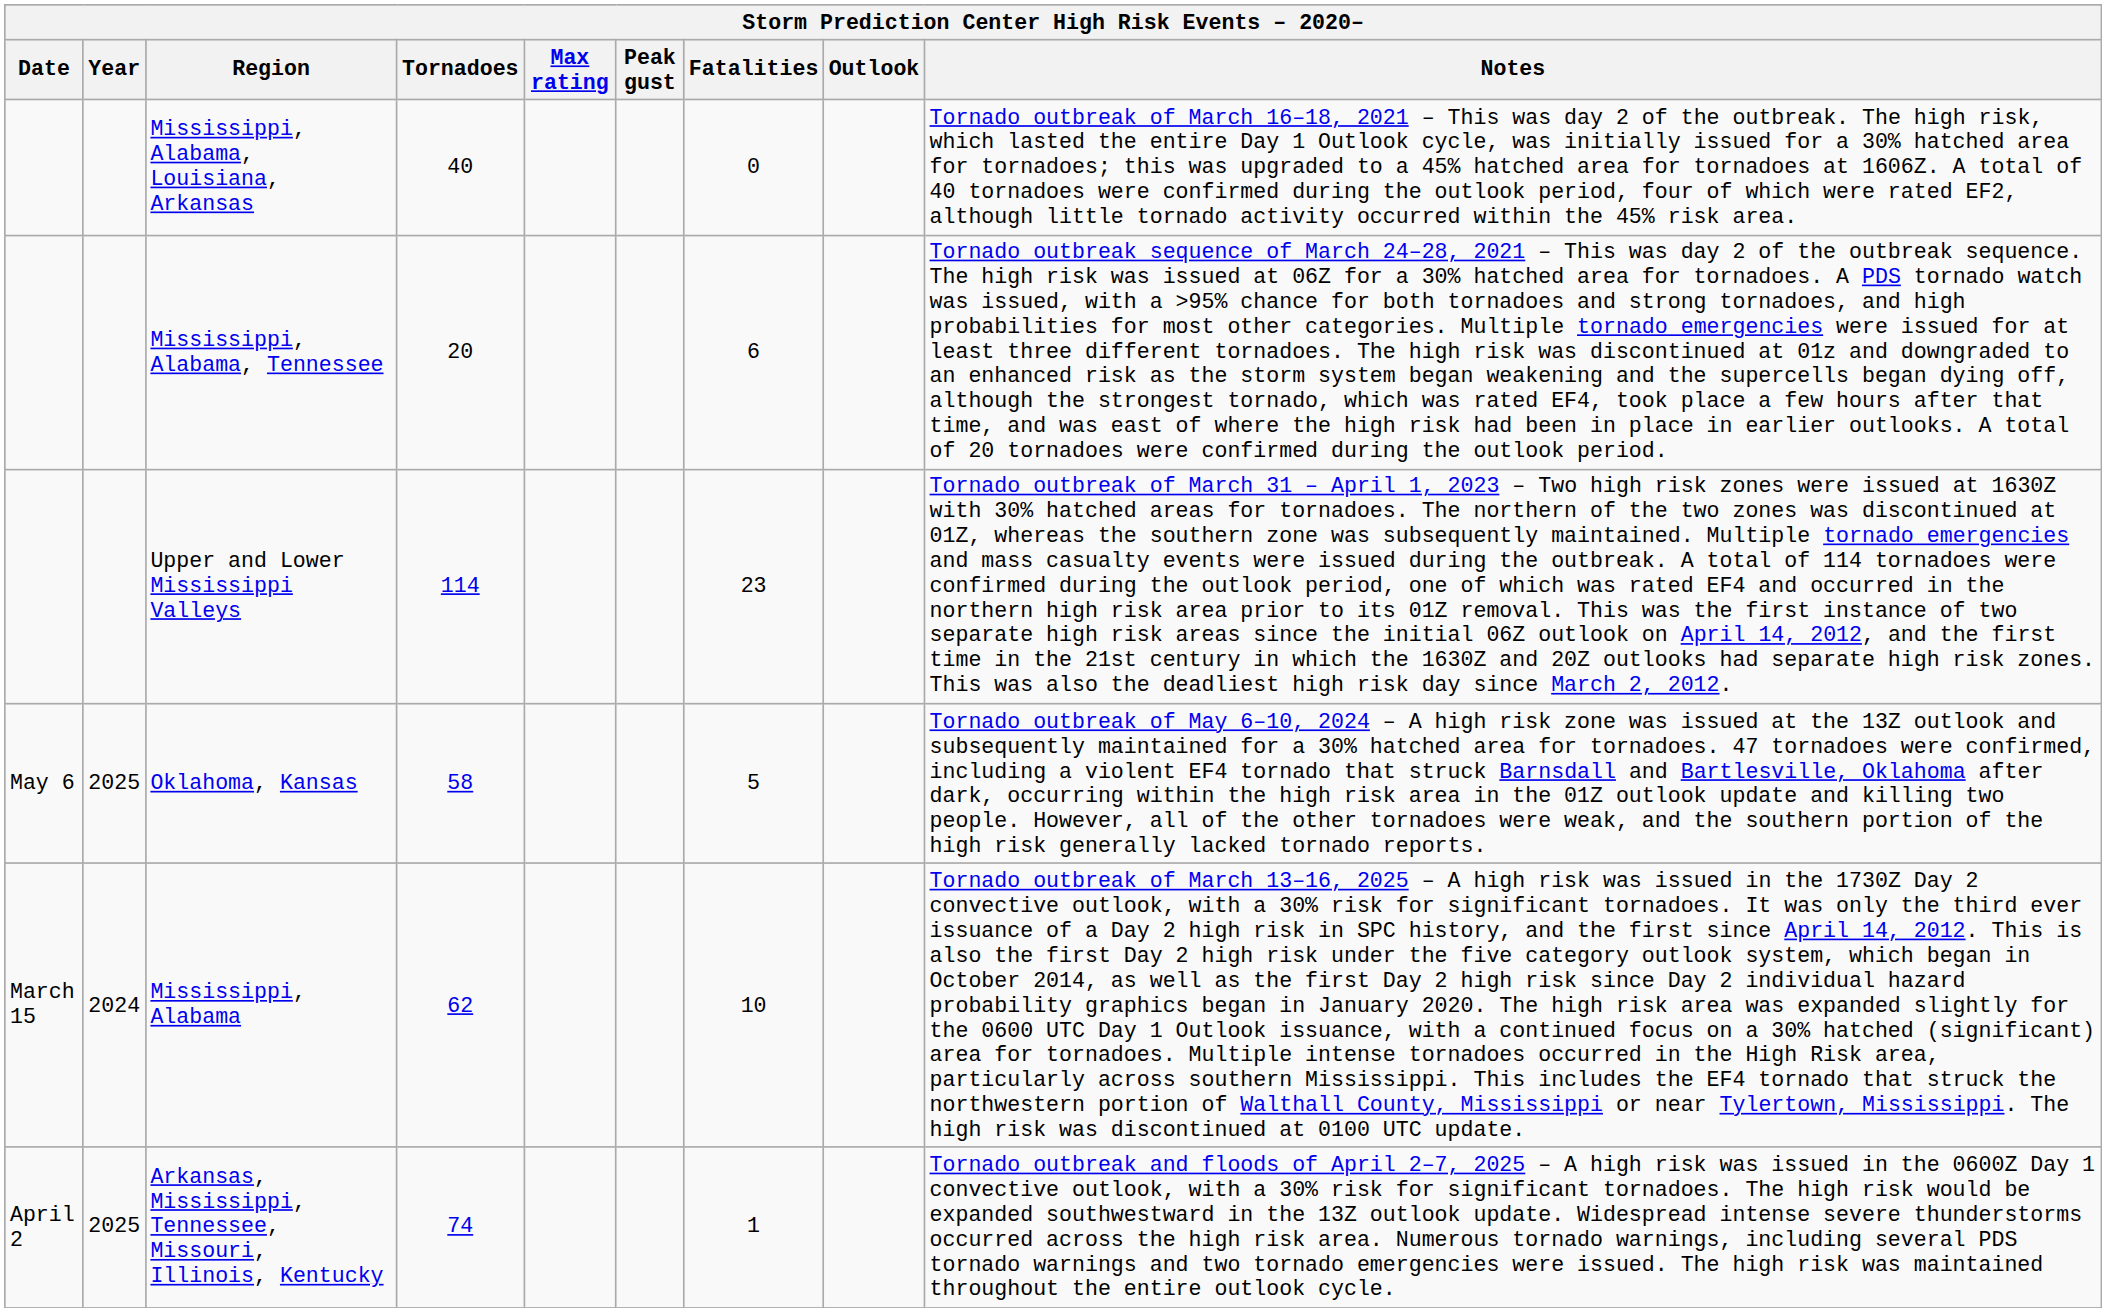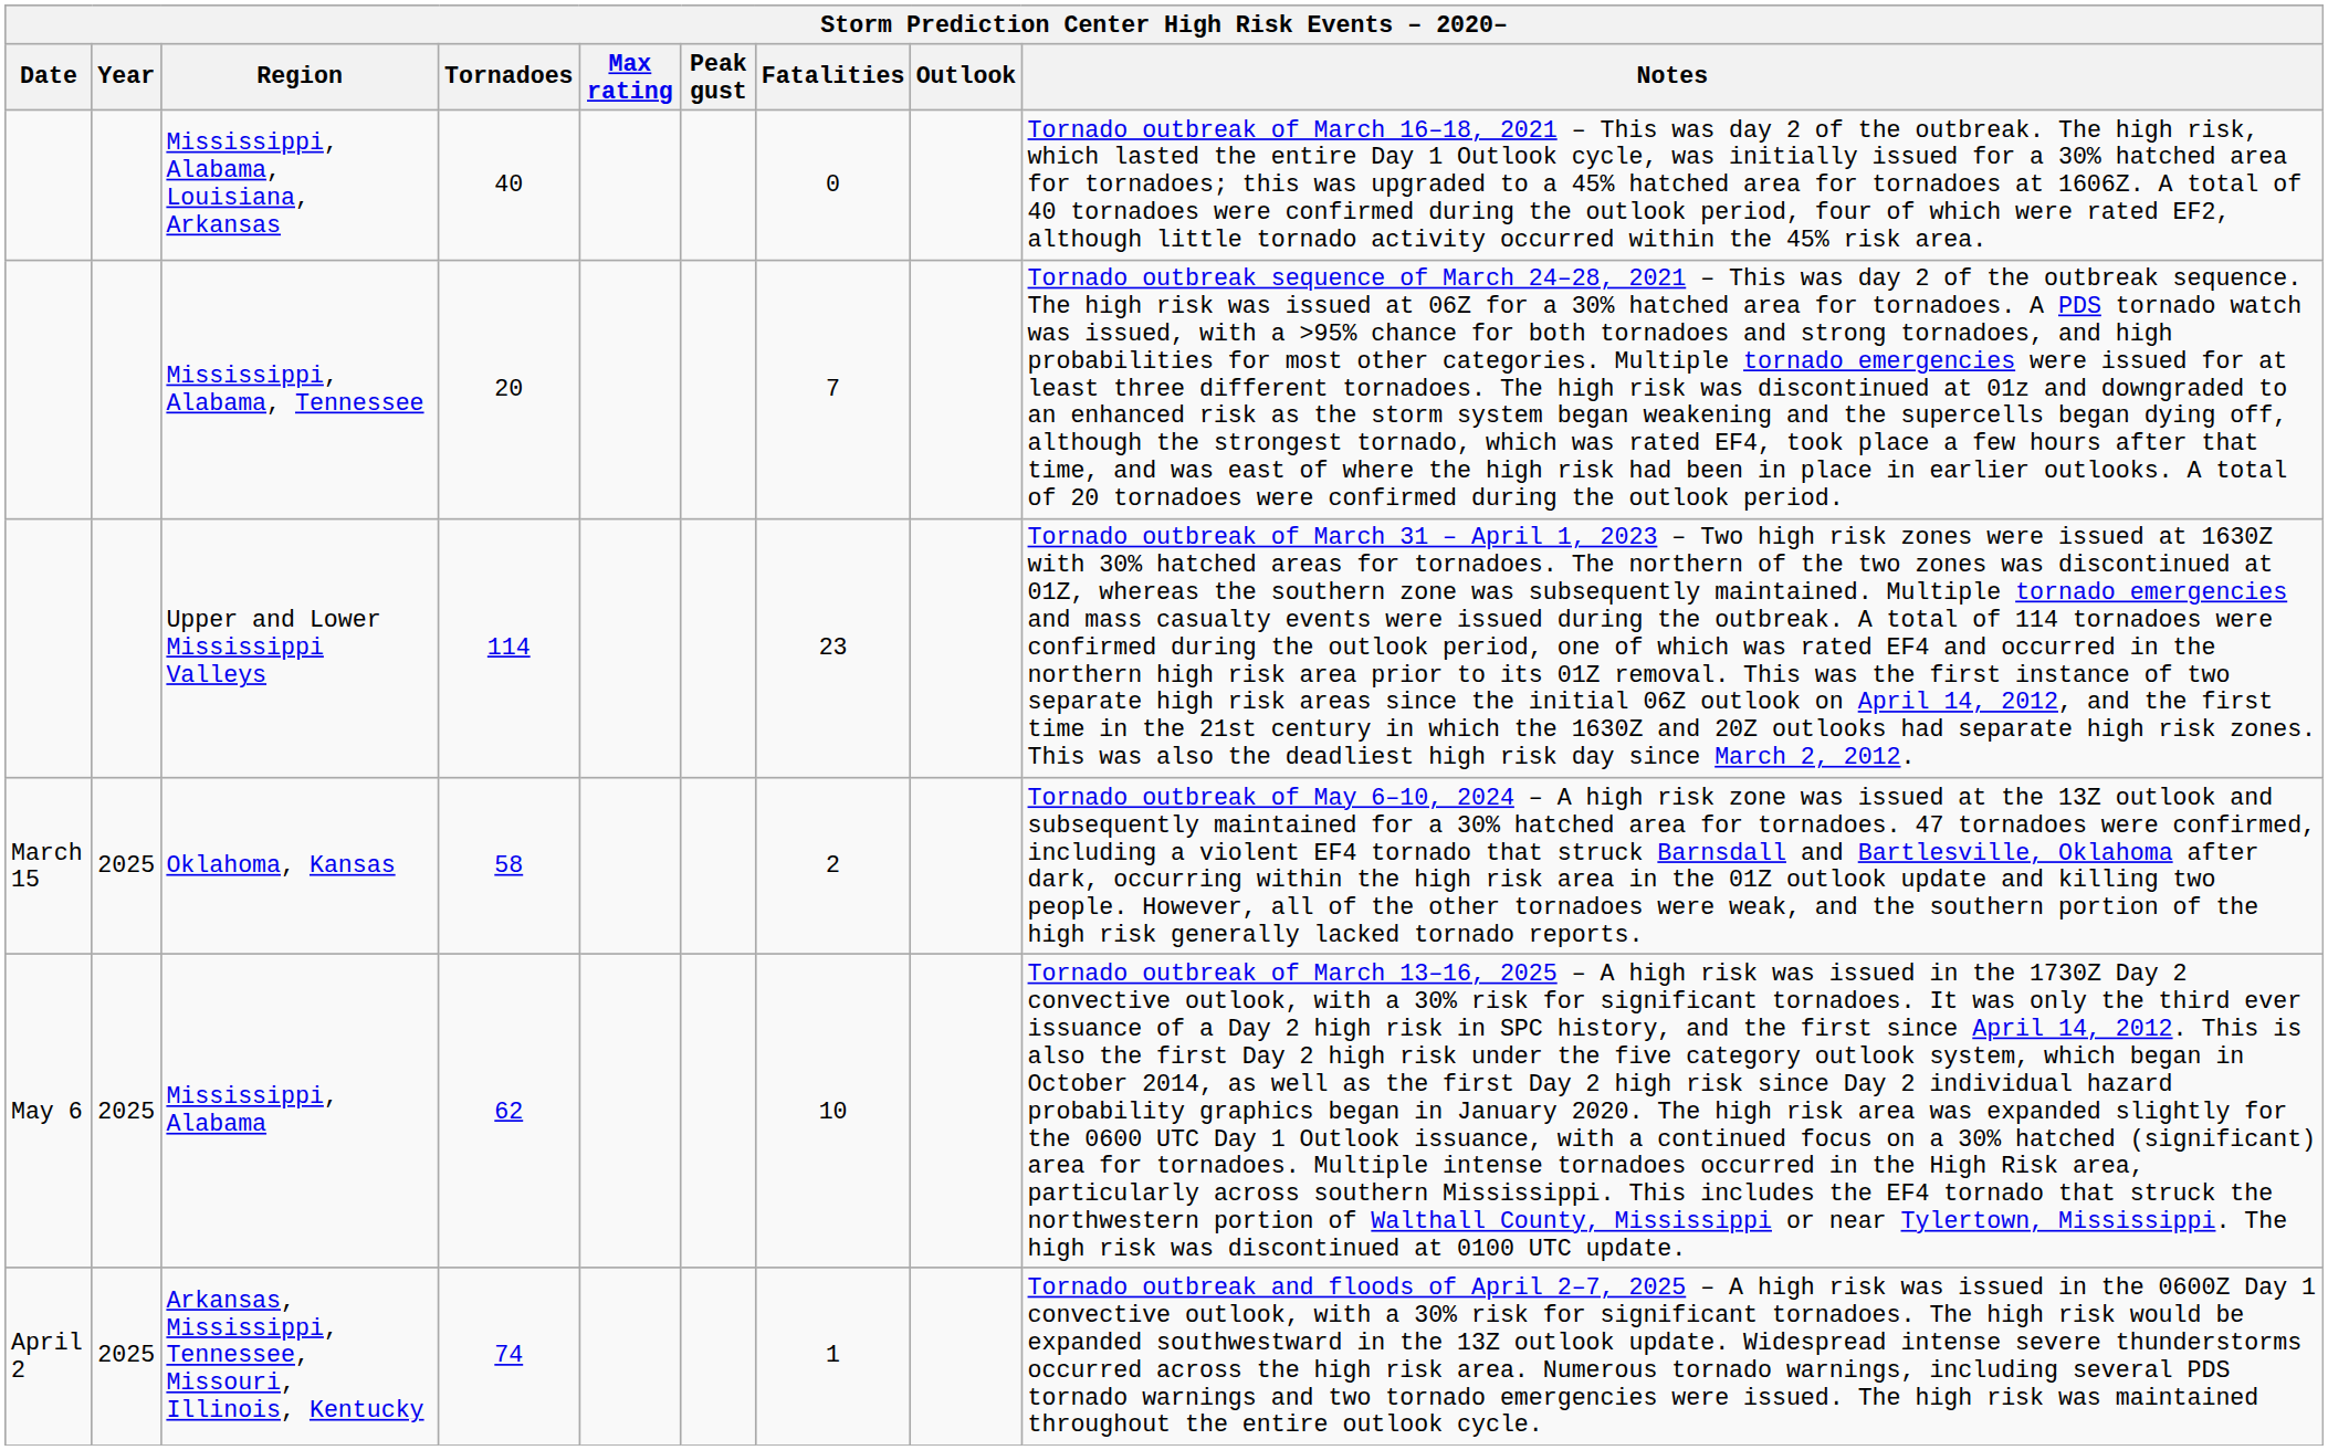 <table class="wikitable collapsible sortable" style="width:100%;">
 <tr>
 <th colspan="9">Storm Prediction Center High Risk Events – 2020–</th>
 </tr>
 <tr>
 <th scope="col">Date</th>
 <th scope="col">Year</th>
 <th scope="col" class="unsortable" style="width:12%;">Region</th>
 <th scope="col">Tornadoes</th>
 <th scope="col"><a href='#'>Max rating</a></th>
 <th scope="col">Peak gust</th>
 <th scope="col">Fatalities</th>
 <th scope="col" class="unsortable">Outlook</th>
 <th scope="col" class="unsortable">Notes</th>
 </tr>
 <tr>
 <td></td>
 <td></td>
 <td><a href='#'>Mississippi</a>, <a href='#'>Alabama</a>, <a href='#'>Louisiana</a>, <a href='#'>Arkansas</a></td>
 <td style="text-align:center;">40</td>
 <td></td>
 <td style="text-align:center;"></td>
 <td style="text-align:center;">0</td>
 <td></td>
 <td><a href='#'>Tornado outbreak of March 16–18, 2021</a> – This was day 2 of the outbreak. The high risk, which lasted the entire Day 1 Outlook cycle, was initially issued for a 30% hatched area for tornadoes; this was upgraded to a 45% hatched area for tornadoes at 1606Z. A total of 40 tornadoes were confirmed during the outlook period, four of which were rated EF2, although little tornado activity occurred within the 45% risk area.</td>
 </tr>
 <tr>
 <td></td>
 <td></td>
 <td><a href='#'>Mississippi</a>, <a href='#'>Alabama</a>, <a href='#'>Tennessee</a></td>
 <td style="text-align:center;">20</td>
 <td></td>
 <td style="text-align:center;"></td>
-<td style="text-align:center;">6</td>
+<td style="text-align:center;">7</td>
 <td></td>
 <td><a href='#'>Tornado outbreak sequence of March 24–28, 2021</a> – This was day 2 of the outbreak sequence. The high risk was issued at 06Z for a 30% hatched area for tornadoes. A <a href='#'>PDS</a> tornado watch was issued, with a >95% chance for both tornadoes and strong tornadoes, and high probabilities for most other categories. Multiple <a href='#'>tornado emergencies</a> were issued for at least three different tornadoes. The high risk was discontinued at 01z and downgraded to an enhanced risk as the storm system began weakening and the supercells began dying off, although the strongest tornado, which was rated EF4, took place a few hours after that time, and was east of where the high risk had been in place in earlier outlooks. A total of 20 tornadoes were confirmed during the outlook period.</td>
 </tr>
 <tr>
 <td></td>
 <td></td>
 <td>Upper and Lower <a href='#'>Mississippi Valleys</a></td>
 <td style="text-align:center;"><a href='#'>114</a></td>
 <td></td>
 <td style="text-align:center;"></td>
 <td style="text-align:center;">23</td>
 <td></td>
 <td><a href='#'>Tornado outbreak of March 31 – April 1, 2023</a> – Two high risk zones were issued at 1630Z with 30% hatched areas for tornadoes. The northern of the two zones was discontinued at 01Z, whereas the southern zone was subsequently maintained. Multiple <a href='#'>tornado emergencies</a> and mass casualty events were issued during the outbreak. A total of 114 tornadoes were confirmed during the outlook period, one of which was rated EF4 and occurred in the northern high risk area prior to its 01Z removal. This was the first instance of two separate high risk areas since the initial 06Z outlook on <a href='#'>April 14, 2012</a>, and the first time in the 21st century in which the 1630Z and 20Z outlooks had separate high risk zones. This was also the deadliest high risk day since <a href='#'>March 2, 2012</a>.</td>
 </tr>
 <tr>
-<td>May 6</td>
+<td>March 15</td>
 <td>2025</td>
 <td><a href='#'>Oklahoma</a>, <a href='#'>Kansas</a></td>
 <td style="text-align:center;"><a href='#'>58</a></td>
 <td></td>
 <td style="text-align:center;"></td>
-<td style="text-align:center;">5</td>
+<td style="text-align:center;">2</td>
 <td></td>
 <td><a href='#'>Tornado outbreak of May 6–10, 2024</a> – A high risk zone was issued at the 13Z outlook and subsequently maintained for a 30% hatched area for tornadoes. 47 tornadoes were confirmed, including a violent EF4 tornado that struck <a href='#'>Barnsdall</a> and <a href='#'>Bartlesville, Oklahoma</a> after dark, occurring within the high risk area in the 01Z outlook update and killing two people. However, all of the other tornadoes were weak, and the southern portion of the high risk generally lacked tornado reports.</td>
 </tr>
 <tr>
-<td>March 15</td>
-<td>2024</td>
+<td>May 6</td>
+<td>2025</td>
 <td><a href='#'>Mississippi</a>, <a href='#'>Alabama</a></td>
 <td style="text-align:center;"><a href='#'>62</a></td>
 <td></td>
 <td style="text-align:center;"></td>
 <td style="text-align:center;">10</td>
 <td></td>
 <td><a href='#'>Tornado outbreak of March 13–16, 2025</a> – A high risk was issued in the 1730Z Day 2 convective outlook, with a 30% risk for significant tornadoes. It was only the third ever issuance of a Day 2 high risk in SPC history, and the first since <a href='#'>April 14, 2012</a>. This is also the first Day 2 high risk under the five category outlook system, which began in October 2014, as well as the first Day 2 high risk since Day 2 individual hazard probability graphics began in January 2020. The high risk area was expanded slightly for the 0600 UTC Day 1 Outlook issuance, with a continued focus on a 30% hatched (significant) area for tornadoes. Multiple intense tornadoes occurred in the High Risk area, particularly across southern Mississippi. This includes the EF4 tornado that struck the northwestern portion of <a href='#'>Walthall County, Mississippi</a> or near <a href='#'>Tylertown, Mississippi</a>. The high risk was discontinued at 0100 UTC update.</td>
 </tr>
 <tr>
 <td>April 2</td>
 <td>2025</td>
 <td><a href='#'>Arkansas</a>, <a href='#'>Mississippi</a>, <a href='#'>Tennessee</a>, <a href='#'>Missouri</a>, <a href='#'>Illinois</a>, <a href='#'>Kentucky</a></td>
 <td style="text-align:center;"><a href='#'>74</a></td>
 <td></td>
 <td style="text-align:center;"></td>
 <td style="text-align:center;">1</td>
 <td></td>
 <td><a href='#'>Tornado outbreak and floods of April 2–7, 2025</a> – A high risk was issued in the 0600Z Day 1 convective outlook, with a 30% risk for significant tornadoes. The high risk would be expanded southwestward in the 13Z outlook update. Widespread intense severe thunderstorms occurred across the high risk area. Numerous tornado warnings, including several PDS tornado warnings and two tornado emergencies were issued. The high risk was maintained throughout the entire outlook cycle.</td>
 </tr>
 </table>
